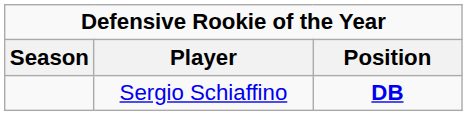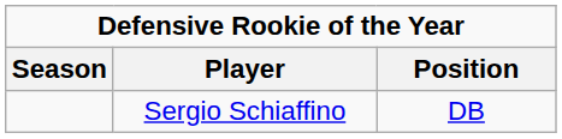 <table class="wikitable sortable" style="text-align:center">
 <tr>
 <td colspan="4"><strong>Defensive Rookie of the Year</strong></td>
 </tr>
 <tr>
 <th style="width:50px; ">Season</th>
 <th style="width:150px; ">Player</th>
 <th style="width:100px; ">Position</th>
 </tr>
 <tr>
 <td></td>
 <td><a href='#'>Sergio Schiaffino</a></td>
-<td><strong><a href='#'>DB</a></strong></td>
+<td><a href='#'>DB</a></td>
 </tr>
 </table>
